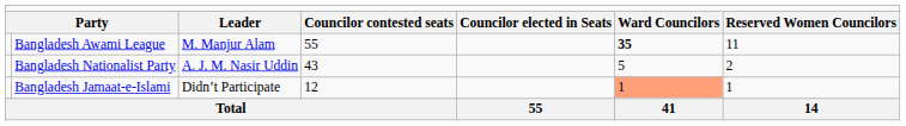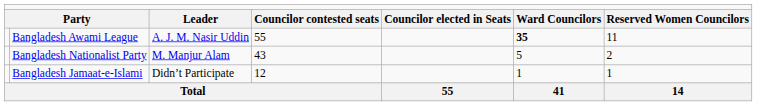 <table class="wikitable">
 <tr>
 <td colspan="7"></td>
 </tr>
 <tr>
 <th colspan="2">Party</th>
 <th>Leader</th>
 <th>Councilor contested seats</th>
 <th>Councilor elected in Seats</th>
 <th>Ward Councilors</th>
 <th>Reserved Women Councilors</th>
 </tr>
 <tr>
 <td></td>
 <td><a href='#'>Bangladesh Awami League</a></td>
-<td><a href='#'>M. Manjur Alam</a></td>
+<td><a href='#'>A. J. M. Nasir Uddin</a></td>
 <td>55</td>
 <td></td>
 <td><strong>35</strong></td>
 <td>11</td>
 </tr>
 <tr>
 <td></td>
 <td><a href='#'>Bangladesh Nationalist Party</a></td>
-<td><a href='#'>A. J. M. Nasir Uddin</a></td>
+<td><a href='#'>M. Manjur Alam</a></td>
 <td>43</td>
 <td></td>
 <td>5</td>
 <td>2</td>
 </tr>
 <tr>
 <td></td>
 <td><a href='#'>Bangladesh Jamaat-e-Islami</a></td>
 <td>Didn’t Participate</td>
 <td>12</td>
 <td></td>
-<td style="background: lightsalmon;">1</td>
+<td>1</td>
 <td>1</td>
 </tr>
 <tr>
 <th colspan="4">Total</th>
 <th>55</th>
 <th>41</th>
 <th>14</th>
 </tr>
 </table>
